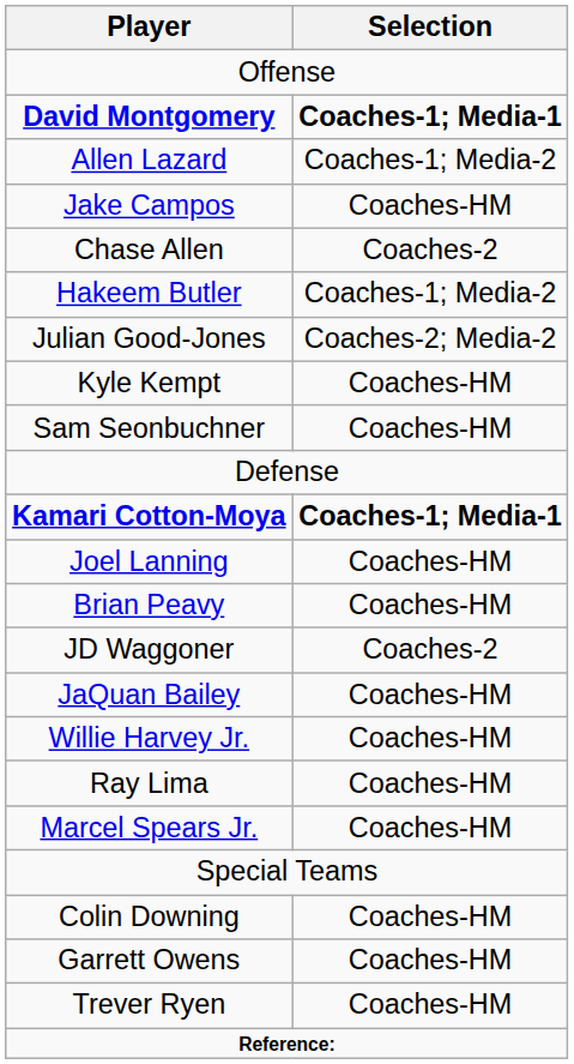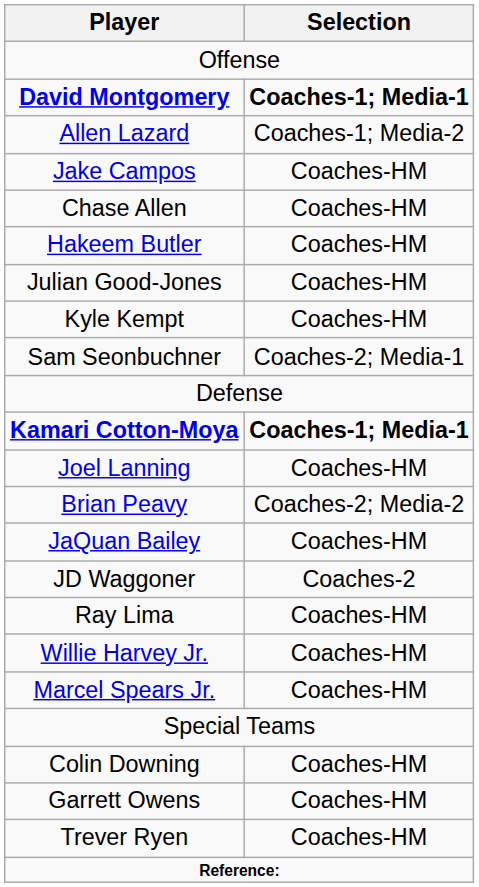 <table class="wikitable" style="text-align: center">
 <tr align=center>
 <th>Player</th>
 <th>Selection</th>
 </tr>
 <tr>
 <td colspan="2">Offense</td>
 </tr>
 <tr>
 <td><strong><a href='#'>David Montgomery</a></strong></td>
 <td><strong>Coaches-1; Media-1</strong></td>
 </tr>
 <tr>
 <td><a href='#'>Allen Lazard</a></td>
 <td>Coaches-1; Media-2</td>
 </tr>
 <tr>
 <td><a href='#'>Jake Campos</a></td>
 <td>Coaches-HM</td>
 </tr>
 <tr>
 <td>Chase Allen</td>
-<td>Coaches-2</td>
+<td>Coaches-HM</td>
 </tr>
 <tr>
 <td><a href='#'>Hakeem Butler</a></td>
-<td>Coaches-1; Media-2</td>
+<td>Coaches-HM</td>
 </tr>
 <tr>
 <td>Julian Good-Jones</td>
-<td>Coaches-2; Media-2</td>
+<td>Coaches-HM</td>
 </tr>
 <tr>
 <td>Kyle Kempt</td>
 <td>Coaches-HM</td>
 </tr>
 <tr>
 <td>Sam Seonbuchner</td>
-<td>Coaches-HM</td>
+<td>Coaches-2; Media-1</td>
 </tr>
 <tr>
 <td colspan="2">Defense</td>
 </tr>
 <tr>
 <td><strong><a href='#'>Kamari Cotton-Moya</a></strong></td>
 <td><strong>Coaches-1; Media-1</strong></td>
 </tr>
 <tr>
 <td><a href='#'>Joel Lanning</a></td>
 <td>Coaches-HM</td>
 </tr>
 <tr>
 <td><a href='#'>Brian Peavy</a></td>
+<td>Coaches-2; Media-2</td>
+</tr>
+<tr>
+<td><a href='#'>JaQuan Bailey</a></td>
 <td>Coaches-HM</td>
 </tr>
 <tr>
 <td>JD Waggoner</td>
 <td>Coaches-2</td>
 </tr>
 <tr>
-<td><a href='#'>JaQuan Bailey</a></td>
+<td>Ray Lima</td>
 <td>Coaches-HM</td>
 </tr>
 <tr>
 <td><a href='#'>Willie Harvey Jr.</a></td>
-<td>Coaches-HM</td>
-</tr>
-<tr>
-<td>Ray Lima</td>
 <td>Coaches-HM</td>
 </tr>
 <tr>
 <td><a href='#'>Marcel Spears Jr.</a></td>
 <td>Coaches-HM</td>
 </tr>
 <tr>
 <td colspan="2">Special Teams</td>
 </tr>
 <tr>
 <td>Colin Downing</td>
 <td>Coaches-HM</td>
 </tr>
 <tr>
 <td>Garrett Owens</td>
 <td>Coaches-HM</td>
 </tr>
 <tr>
 <td>Trever Ryen</td>
 <td>Coaches-HM</td>
 </tr>
 <tr>
 <td colspan="2"  style="font-size:8pt; text-align:center;"><strong>Reference:</strong></td>
 </tr>
 </table>
